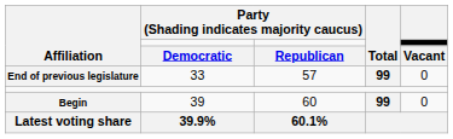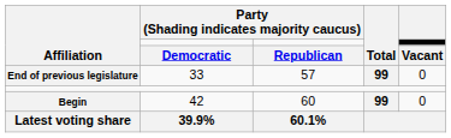 <table class=wikitable style="text-align:center">
 <tr style="vertical-align:bottom;">
 <th rowspan=3>Affiliation</th>
 <th colspan=2>Party <div>(Shading indicates majority caucus)</div></th>
 <th rowspan=3>Total</th>
 <th></th>
 </tr>
 <tr style="height:5px">
 <td style="background-color:"></td>
 <td style="background-color:"></td>
 <td style="background-color:black"></td>
 </tr>
 <tr>
 <th><a href='#'>Democratic</a></th>
 <th><a href='#'>Republican</a></th>
 <th>Vacant</th>
 </tr>
 <tr>
 <th nowrap style="font-size:80%">End of previous legislature</th>
 <td>33</td>
 <td>57</td>
 <th>99</th>
 <td>0</td>
 </tr>
 <tr>
 <td colspan=5></td>
 </tr>
 <tr>
 <th nowrap style="font-size:80%">Begin</th>
-<td>39</td>
+<td>42</td>
 <td>60</td>
 <th>99</th>
 <td>0</td>
 </tr>
 <tr>
 <th>Latest voting share</th>
 <th>39.9%</th>
 <th>60.1%</th>
 <th colspan=2></th>
 </tr>
 </table>
